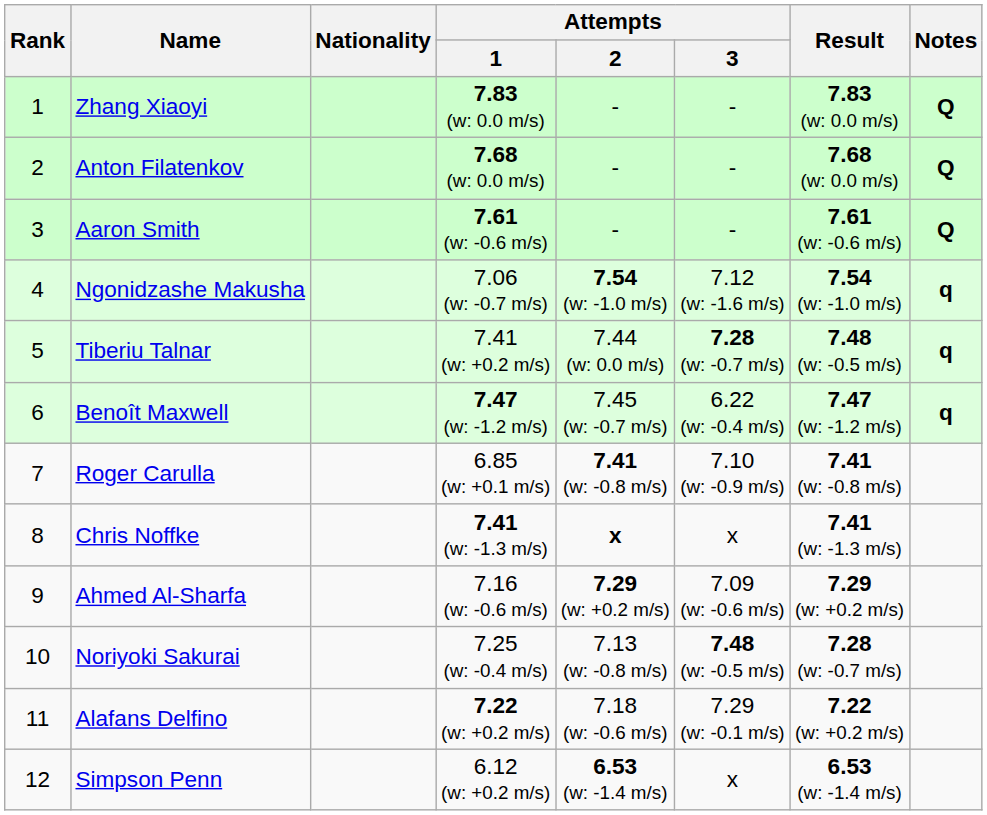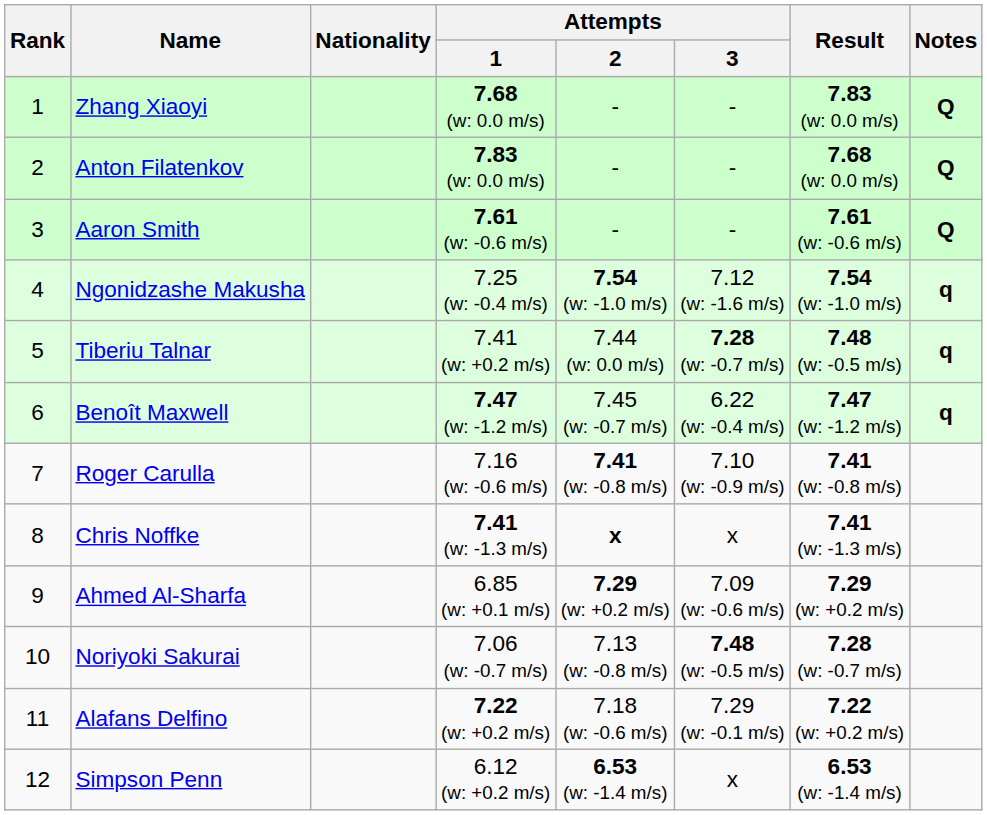 <table class="wikitable sortable" style="text-align:center">
 <tr>
 <th rowspan=2>Rank</th>
 <th rowspan=2>Name</th>
 <th rowspan=2>Nationality</th>
 <th colspan=3>Attempts</th>
 <th rowspan=2>Result</th>
 <th rowspan=2>Notes</th>
 </tr>
 <tr>
 <th>1</th>
 <th>2</th>
 <th>3</th>
 </tr>
 <tr bgcolor=ccffcc>
 <td>1</td>
 <td align=left><a href='#'>Zhang Xiaoyi</a></td>
 <td align=left></td>
-<td><strong>7.83</strong><br><small>(w: 0.0 m/s)</small></td>
+<td><strong>7.68</strong><br><small>(w: 0.0 m/s)</small></td>
 <td>-</td>
 <td>-</td>
 <td><strong>7.83</strong> <br><small>(w: 0.0 m/s)</small></td>
 <td><strong>Q</strong></td>
 </tr>
 <tr bgcolor=ccffcc>
 <td>2</td>
 <td align=left><a href='#'>Anton Filatenkov</a></td>
 <td align=left></td>
-<td><strong>7.68</strong><br><small>(w: 0.0 m/s)</small></td>
+<td><strong>7.83</strong><br><small>(w: 0.0 m/s)</small></td>
 <td>-</td>
 <td>-</td>
 <td><strong>7.68</strong> <br><small>(w: 0.0 m/s)</small></td>
 <td><strong>Q</strong></td>
 </tr>
 <tr bgcolor=ccffcc>
 <td>3</td>
 <td align=left><a href='#'>Aaron Smith</a></td>
 <td align=left></td>
 <td><strong>7.61</strong><br><small>(w: -0.6 m/s)</small></td>
 <td>-</td>
 <td>-</td>
 <td><strong>7.61</strong> <br><small>(w: -0.6 m/s)</small></td>
 <td><strong>Q</strong></td>
 </tr>
 <tr bgcolor=ddffdd>
 <td>4</td>
 <td align=left><a href='#'>Ngonidzashe Makusha</a></td>
 <td align=left></td>
-<td>7.06<br><small>(w: -0.7 m/s)</small></td>
+<td>7.25<br><small>(w: -0.4 m/s)</small></td>
 <td><strong>7.54</strong><br><small>(w: -1.0 m/s)</small></td>
 <td>7.12<br><small>(w: -1.6 m/s)</small></td>
 <td><strong>7.54</strong> <br><small>(w: -1.0 m/s)</small></td>
 <td><strong>q</strong></td>
 </tr>
 <tr bgcolor=ddffdd>
 <td>5</td>
 <td align=left><a href='#'>Tiberiu Talnar</a></td>
 <td align=left></td>
 <td>7.41<br><small>(w: +0.2 m/s)</small></td>
 <td>7.44<br><small>(w: 0.0 m/s)</small></td>
 <td><strong>7.28</strong><br><small>(w: -0.7 m/s)</small></td>
 <td><strong>7.48</strong> <br><small>(w: -0.5 m/s)</small></td>
 <td><strong>q</strong></td>
 </tr>
 <tr bgcolor=ddffdd>
 <td>6</td>
 <td align=left><a href='#'>Benoît Maxwell</a></td>
 <td align=left></td>
 <td><strong>7.47</strong><br><small>(w: -1.2 m/s)</small></td>
 <td>7.45<br><small>(w: -0.7 m/s)</small></td>
 <td>6.22<br><small>(w: -0.4 m/s)</small></td>
 <td><strong>7.47</strong> <br><small>(w: -1.2 m/s)</small></td>
 <td><strong>q</strong></td>
 </tr>
 <tr>
 <td>7</td>
 <td align=left><a href='#'>Roger Carulla</a></td>
 <td align=left></td>
-<td>6.85<br><small>(w: +0.1 m/s)</small></td>
+<td>7.16<br><small>(w: -0.6 m/s)</small></td>
 <td><strong>7.41</strong><br><small>(w: -0.8 m/s)</small></td>
 <td>7.10<br><small>(w: -0.9 m/s)</small></td>
 <td><strong>7.41</strong> <br><small>(w: -0.8 m/s)</small></td>
 <td></td>
 </tr>
 <tr>
 <td>8</td>
 <td align=left><a href='#'>Chris Noffke</a></td>
 <td align=left></td>
 <td><strong>7.41</strong><br><small>(w: -1.3 m/s)</small></td>
 <td><strong>x</strong></td>
 <td>x</td>
 <td><strong>7.41</strong> <br><small>(w: -1.3 m/s)</small></td>
 <td></td>
 </tr>
 <tr>
 <td>9</td>
 <td align=left><a href='#'>Ahmed Al-Sharfa</a></td>
 <td align=left></td>
-<td>7.16<br><small>(w: -0.6 m/s)</small></td>
+<td>6.85<br><small>(w: +0.1 m/s)</small></td>
 <td><strong>7.29</strong><br><small>(w: +0.2 m/s)</small></td>
 <td>7.09<br><small>(w: -0.6 m/s)</small></td>
 <td><strong>7.29</strong> <br><small>(w: +0.2 m/s)</small></td>
 <td></td>
 </tr>
 <tr>
 <td>10</td>
 <td align=left><a href='#'>Noriyoki Sakurai</a></td>
 <td align=left></td>
-<td>7.25<br><small>(w: -0.4 m/s)</small></td>
+<td>7.06<br><small>(w: -0.7 m/s)</small></td>
 <td>7.13<br><small>(w: -0.8 m/s)</small></td>
 <td><strong>7.48</strong><br><small>(w: -0.5 m/s)</small></td>
 <td><strong>7.28</strong> <br><small>(w: -0.7 m/s)</small></td>
 <td></td>
 </tr>
 <tr>
 <td>11</td>
 <td align=left><a href='#'>Alafans Delfino</a></td>
 <td align=left></td>
 <td><strong>7.22</strong><br><small>(w: +0.2 m/s)</small></td>
 <td>7.18<br><small>(w: -0.6 m/s)</small></td>
 <td>7.29<br><small>(w: -0.1 m/s)</small></td>
 <td><strong>7.22</strong> <br><small>(w: +0.2 m/s)</small></td>
 <td></td>
 </tr>
 <tr>
 <td>12</td>
 <td align=left><a href='#'>Simpson Penn</a></td>
 <td align=left></td>
 <td>6.12<br><small>(w: +0.2 m/s)</small></td>
 <td><strong>6.53</strong><br><small>(w: -1.4 m/s)</small></td>
 <td>x</td>
 <td><strong>6.53</strong> <br><small>(w: -1.4 m/s)</small></td>
 <td></td>
 </tr>
 </table>
